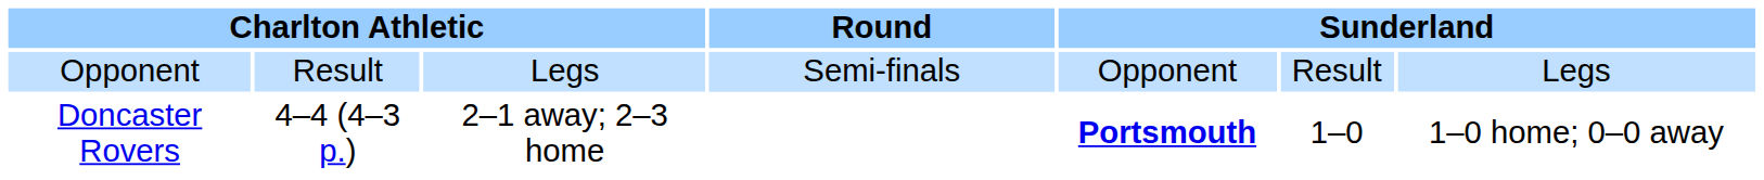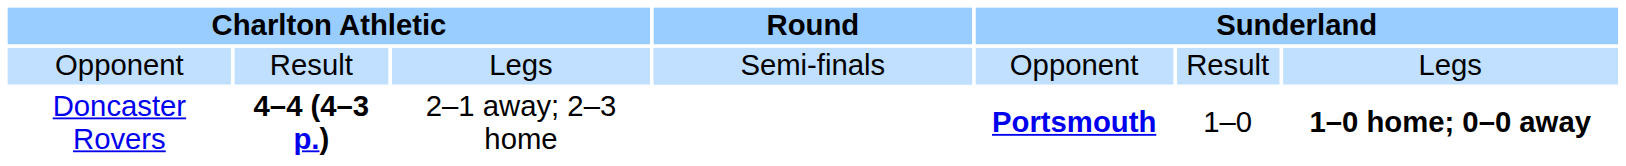 <table width="100%" bgcolor=white>
 <tr valign=top bgcolor=#99ccff>
 <th colspan=3 style="width:40%"><strong>Charlton Athletic</strong></th>
 <th style="width:20%"><strong>Round</strong></th>
 <th colspan=3 style="width:40%"><strong> Sunderland</strong></th>
 </tr>
 <tr valign=top align="center" bgcolor=#c1e0ff>
 <td>Opponent</td>
 <td>Result</td>
 <td>Legs</td>
 <td bgcolor=#c1e0ff>Semi-finals</td>
 <td>Opponent</td>
 <td>Result</td>
 <td>Legs</td>
 </tr>
 <tr align="center">
 <td><a href='#'>Doncaster Rovers</a></td>
-<td>4–4 (4–3 <a href='#'>p.</a>)</td>
+<td><strong>4–4 (4–3 <a href='#'>p.</a>)</strong></td>
 <td>2–1 away; 2–3  home</td>
 <td></td>
 <td><strong><a href='#'>Portsmouth</a></strong></td>
 <td>1–0</td>
-<td>1–0 home; 0–0 away</td>
+<td><strong>1–0 home; 0–0 away</strong></td>
 </tr>
 </table>
